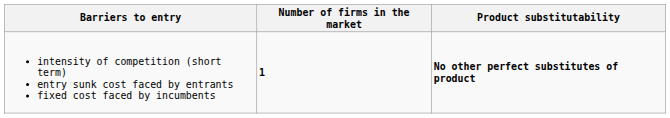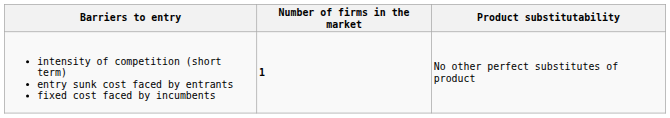 <table class="wikitable">
 <tr>
 <th>Barriers to entry</th>
 <th>Number of firms in the market</th>
 <th>Product substitutability</th>
 </tr>
 <tr>
 <td><br><ul><li>intensity of competition (short term)</li><li>entry sunk cost faced by entrants</li><li>fixed cost faced by incumbents</li></ul></td>
 <td><strong>1</strong></td>
-<td><strong>No other perfect substitutes of product</strong></td>
+<td>No other perfect substitutes of product</td>
 </tr>
 </table>
